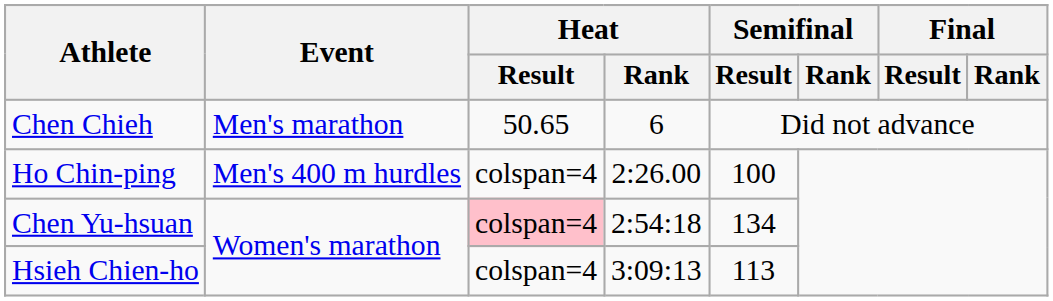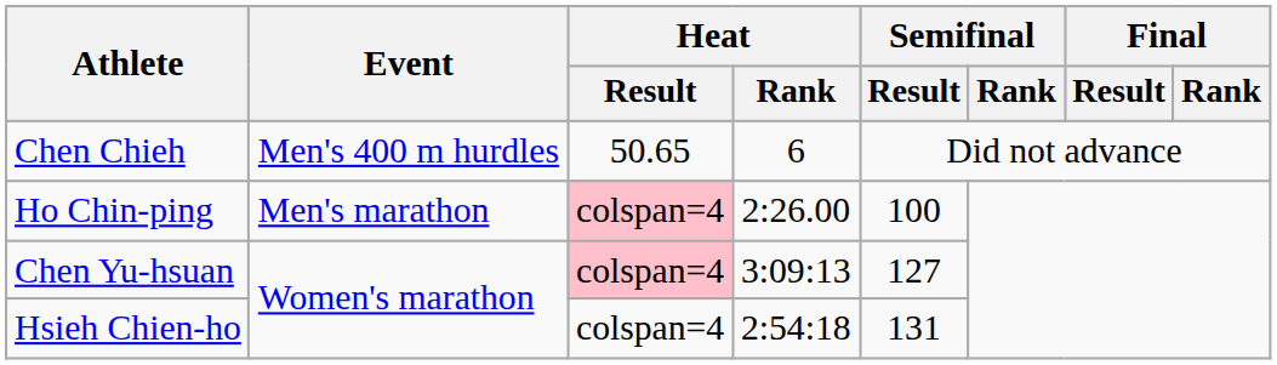 <table class="wikitable" style="font-size:90%">
 <tr>
 <th rowspan="2">Athlete</th>
 <th rowspan="2">Event</th>
 <th colspan="2">Heat</th>
 <th colspan="2">Semifinal</th>
 <th colspan="2">Final</th>
 </tr>
 <tr style="font-size:95%">
 <th>Result</th>
 <th>Rank</th>
 <th>Result</th>
 <th>Rank</th>
 <th>Result</th>
 <th>Rank</th>
 </tr>
 <tr align=center>
 <td align=left><a href='#'>Chen Chieh</a></td>
-<td align=left><a href='#'>Men's marathon</a></td>
+<td align=left><a href='#'>Men's 400 m hurdles</a></td>
 <td>50.65</td>
 <td>6</td>
 <td colspan="4">Did not advance</td>
 </tr>
 <tr align=center>
 <td align=left><a href='#'>Ho Chin-ping</a></td>
-<td align=left><a href='#'>Men's 400 m hurdles</a></td>
-<td>colspan=4 </td>
+<td align=left><a href='#'>Men's marathon</a></td>
+<td style="background: pink;">colspan=4 </td>
 <td>2:26.00</td>
 <td>100</td>
 </tr>
 <tr align=center>
 <td align=left><a href='#'>Chen Yu-hsuan</a></td>
 <td align=left rowspan=3><a href='#'>Women's marathon</a></td>
 <td style="background: pink;">colspan=4 </td>
-<td>2:54:18</td>
-<td>134</td>
+<td>3:09:13</td>
+<td>127</td>
 </tr>
 <tr align=center>
 <td align=left><a href='#'>Hsieh Chien-ho</a></td>
 <td>colspan=4 </td>
-<td>3:09:13</td>
-<td>113</td>
+<td>2:54:18</td>
+<td>131</td>
 </tr>
 </table>
